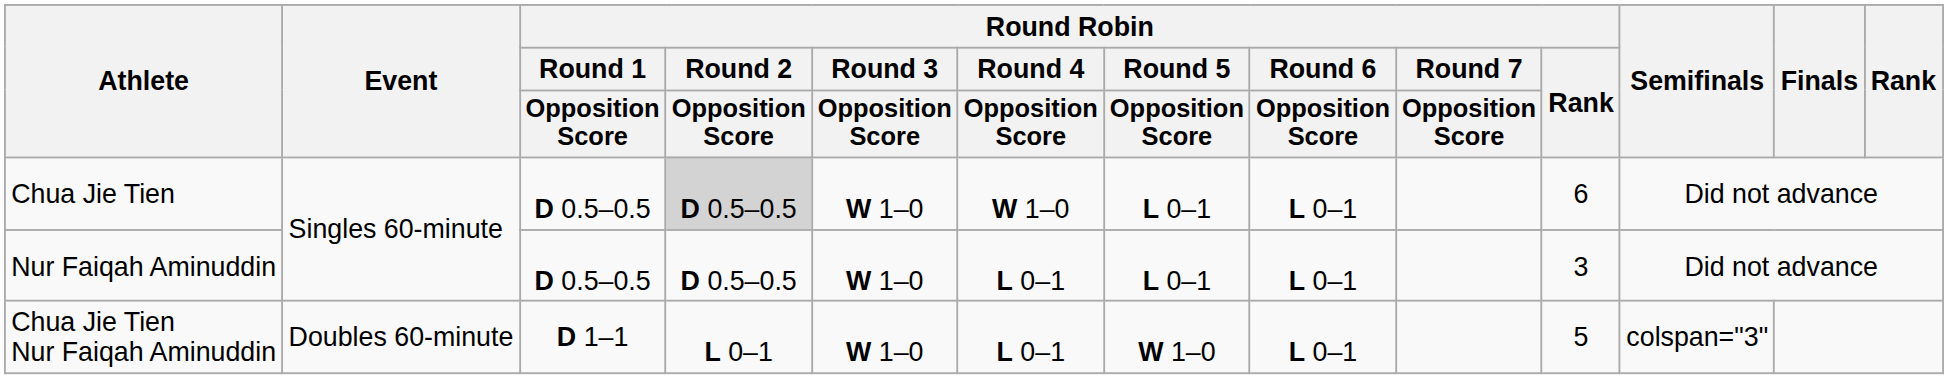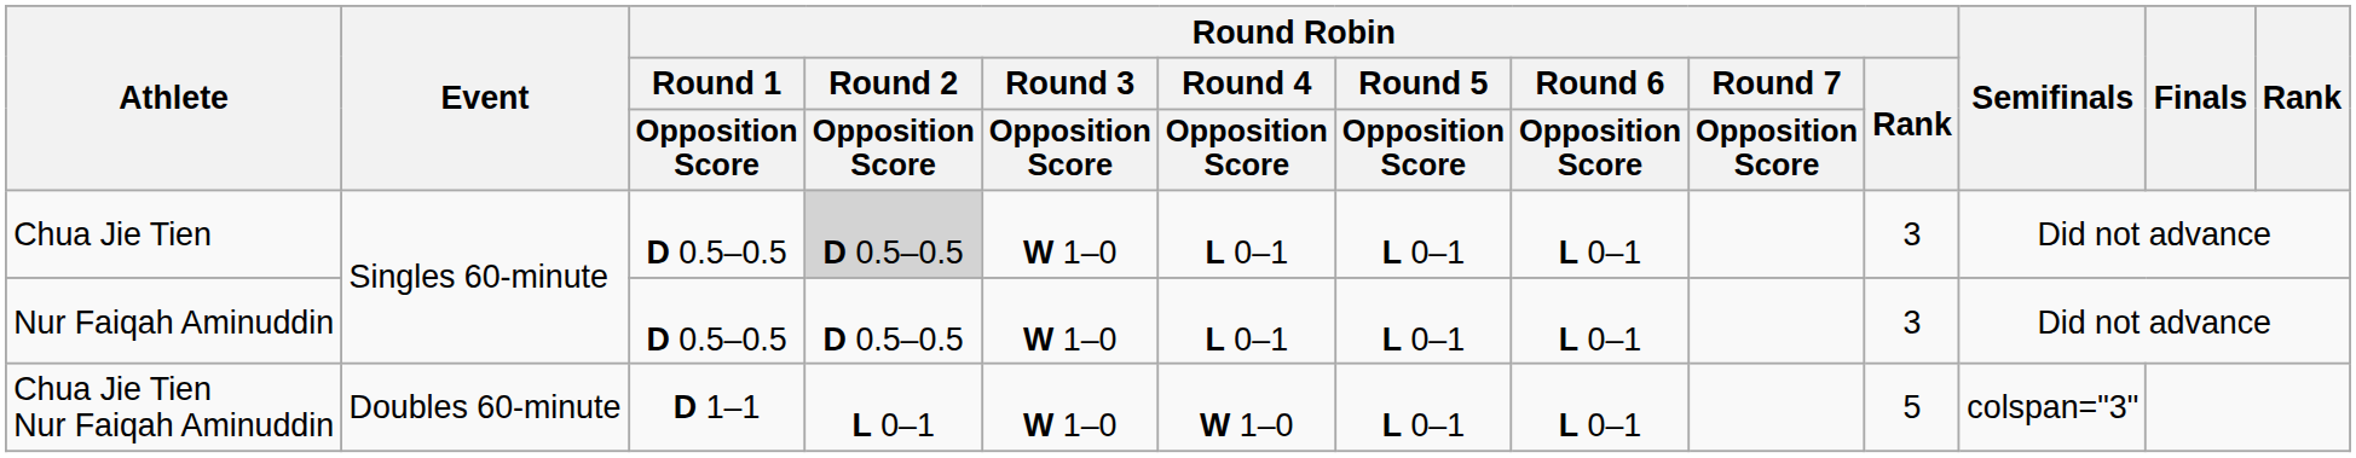 <table class="wikitable" style="font-size:90%">
 <tr>
 <th rowspan="3">Athlete</th>
 <th rowspan="3">Event</th>
 <th colspan="8">Round Robin</th>
 <th rowspan="3">Semifinals</th>
 <th rowspan="3">Finals</th>
 <th rowspan="3">Rank</th>
 </tr>
 <tr>
 <th>Round 1</th>
 <th>Round 2</th>
 <th>Round 3</th>
 <th>Round 4</th>
 <th>Round 5</th>
 <th>Round 6</th>
 <th>Round 7</th>
 <th rowspan="2">Rank</th>
 </tr>
 <tr style="font-size:95%" align="center">
 <th>Opposition<br>Score</th>
 <th>Opposition<br>Score</th>
 <th>Opposition<br>Score</th>
 <th>Opposition<br>Score</th>
 <th>Opposition<br>Score</th>
 <th>Opposition<br>Score</th>
 <th>Opposition<br>Score</th>
 </tr>
 <tr align="center">
 <td align="left">Chua Jie Tien</td>
 <td rowspan="2" align="left">Singles 60-minute</td>
 <td><br><strong>D</strong> 0.5–0.5</td>
 <td style="background: lightgrey;"><br><strong>D</strong> 0.5–0.5</td>
 <td><br><strong>W</strong> 1–0</td>
-<td><br><strong>W</strong> 1–0</td>
+<td><br><strong>L</strong> 0–1</td>
 <td><br><strong>L</strong> 0–1</td>
 <td><br><strong>L</strong> 0–1</td>
 <td></td>
-<td>6</td>
+<td>3</td>
 <td colspan="3">Did not advance</td>
 </tr>
 <tr align="center">
 <td align="left">Nur Faiqah Aminuddin</td>
 <td><br><strong>D</strong> 0.5–0.5</td>
 <td><br><strong>D</strong> 0.5–0.5</td>
 <td><br><strong>W</strong> 1–0</td>
 <td><br><strong>L</strong> 0–1</td>
 <td><br><strong>L</strong> 0–1</td>
 <td><br><strong>L</strong> 0–1</td>
 <td></td>
 <td>3</td>
 <td colspan="3">Did not advance</td>
 </tr>
 <tr align="center">
 <td align="left">Chua Jie Tien<br>Nur Faiqah Aminuddin</td>
 <td>Doubles 60-minute</td>
 <td><strong>D</strong> 1–1</td>
 <td><br><strong>L</strong> 0–1</td>
 <td><br><strong>W</strong> 1–0</td>
+<td><br><strong>W</strong> 1–0</td>
 <td><br><strong>L</strong> 0–1</td>
-<td><br><strong>W</strong> 1–0</td>
 <td><br><strong>L</strong> 0–1</td>
 <td></td>
 <td>5</td>
 <td>colspan="3" </td>
 </tr>
 </table>
